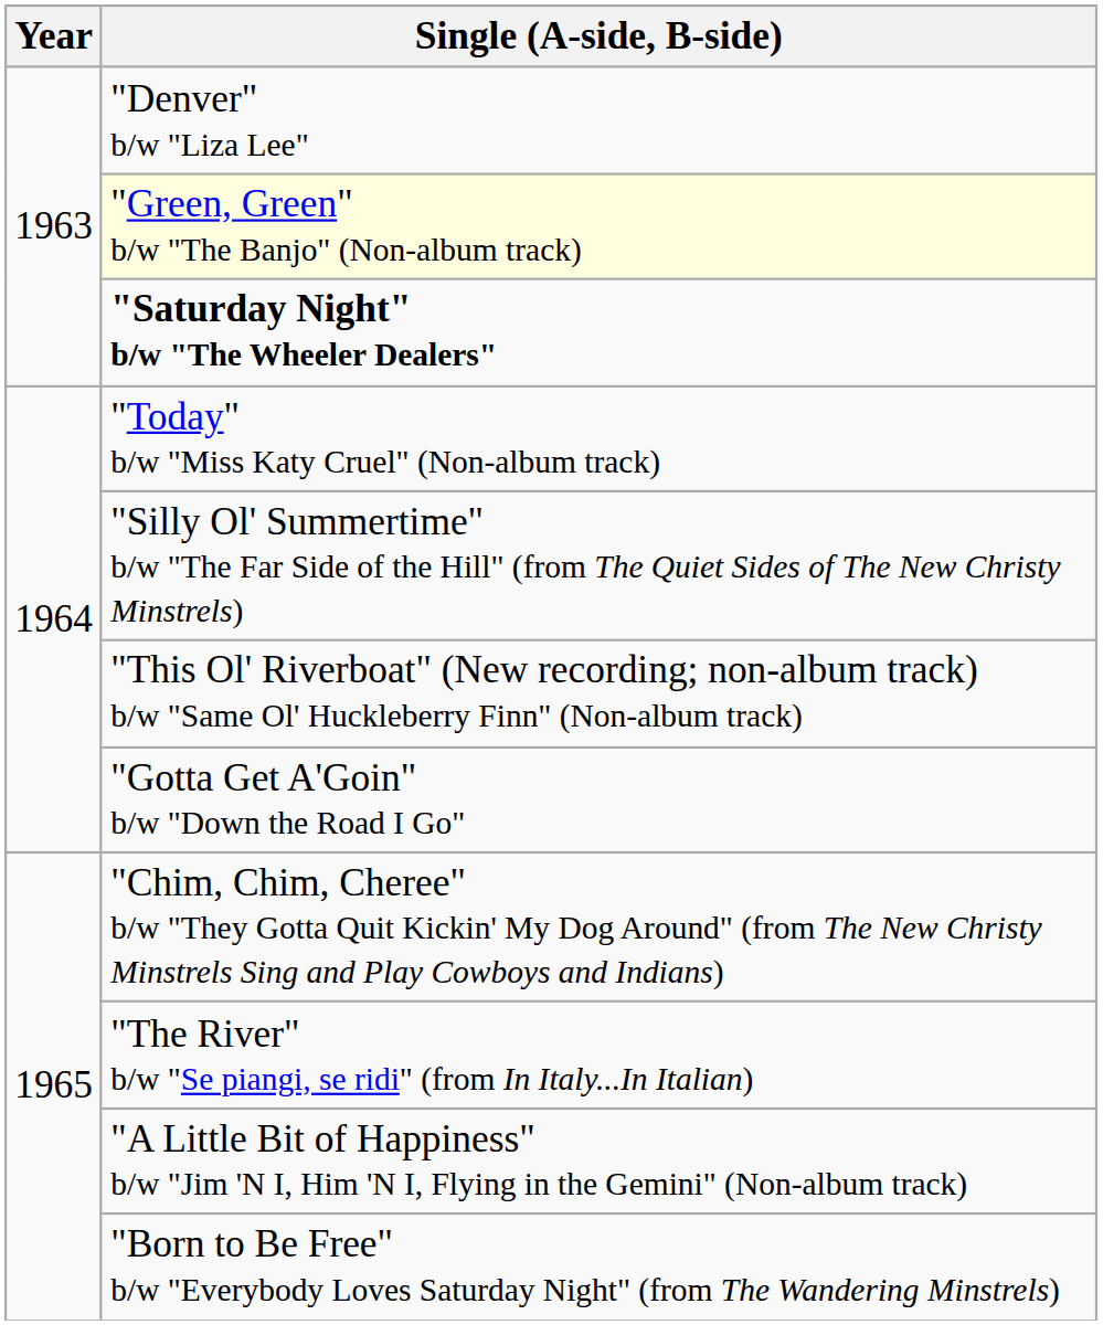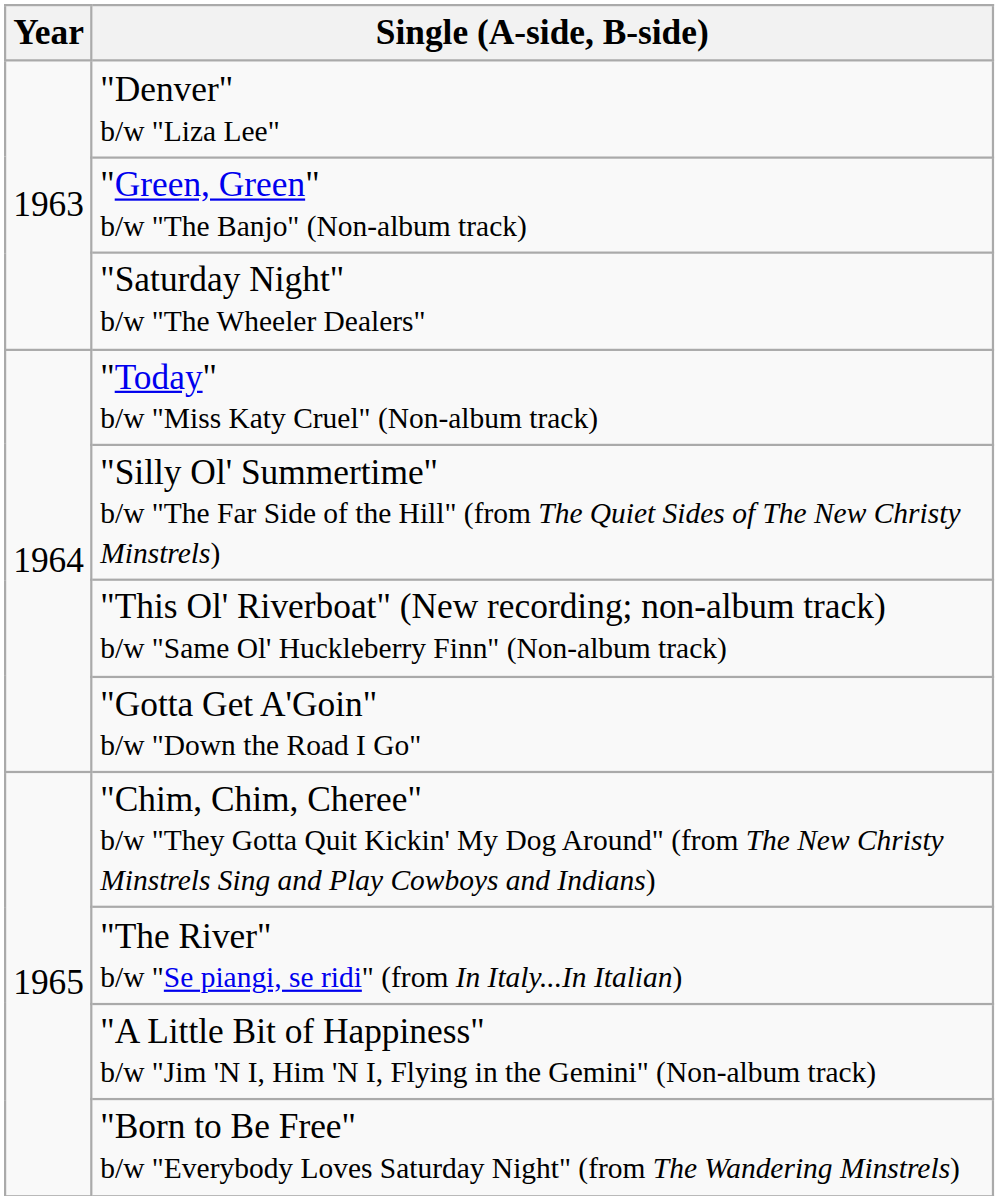 <table class="wikitable" style="text-align:center;">
 <tr>
 <th rowspan="2">Year</th>
 <th rowspan="2" width="400">Single (A-side, B-side)</th>
 </tr>
 <tr>
 </tr>
 <tr>
 <td rowspan="3">1963</td>
 <td align="left">"Denver"<br><small>b/w "Liza Lee"</small></td>
 </tr>
 <tr>
-<td align="left" style="background: lightyellow;">"<a href='#'>Green, Green</a>"<br><small>b/w "The Banjo" (Non-album track)</small></td>
+<td align="left">"<a href='#'>Green, Green</a>"<br><small>b/w "The Banjo" (Non-album track)</small></td>
 </tr>
 <tr>
-<td align="left"><strong>"Saturday Night"<br><small>b/w "The Wheeler Dealers"</small></strong></td>
+<td align="left">"Saturday Night"<br><small>b/w "The Wheeler Dealers"</small></td>
 </tr>
 <tr>
 <td rowspan="4">1964</td>
 <td align="left">"<a href='#'>Today</a>"<br><small>b/w "Miss Katy Cruel" (Non-album track)</small></td>
 </tr>
 <tr>
 <td align="left">"Silly Ol' Summertime"<br><small>b/w "The Far Side of the Hill" (from <em>The Quiet Sides of The New Christy Minstrels</em>)</small></td>
 </tr>
 <tr>
 <td align="left">"This Ol' Riverboat" (New recording; non-album track)<br><small>b/w "Same Ol' Huckleberry Finn" (Non-album track)</small></td>
 </tr>
 <tr>
 <td align="left">"Gotta Get A'Goin"<br><small>b/w "Down the Road I Go"</small></td>
 </tr>
 <tr>
 <td rowspan="4">1965</td>
 <td align="left">"Chim, Chim, Cheree"<br><small>b/w "They Gotta Quit Kickin' My Dog Around" (from <em>The New Christy Minstrels Sing and Play Cowboys and Indians</em>)</small></td>
 </tr>
 <tr>
 <td align="left">"The River"<br><small>b/w "<a href='#'>Se piangi, se ridi</a>" (from <em>In Italy...In Italian</em>)</small></td>
 </tr>
 <tr>
 <td align="left">"A Little Bit of Happiness"<br><small>b/w "Jim 'N I, Him 'N I, Flying in the Gemini" (Non-album track)</small></td>
 </tr>
 <tr>
 <td align="left">"Born to Be Free"<br><small>b/w "Everybody Loves Saturday Night" (from <em>The Wandering Minstrels</em>)</small></td>
 </tr>
 </table>
